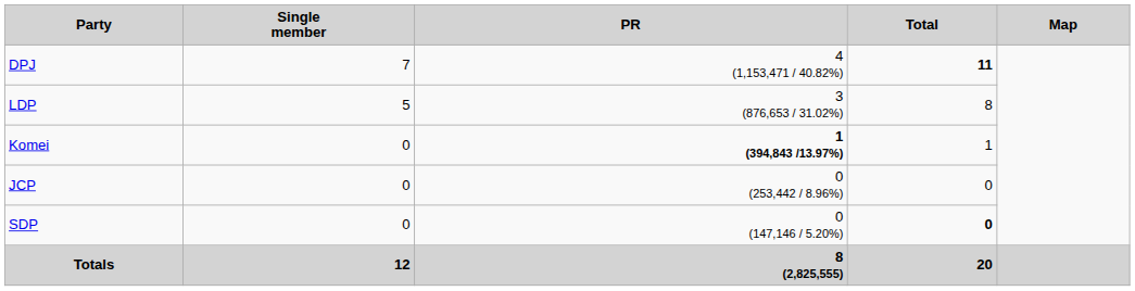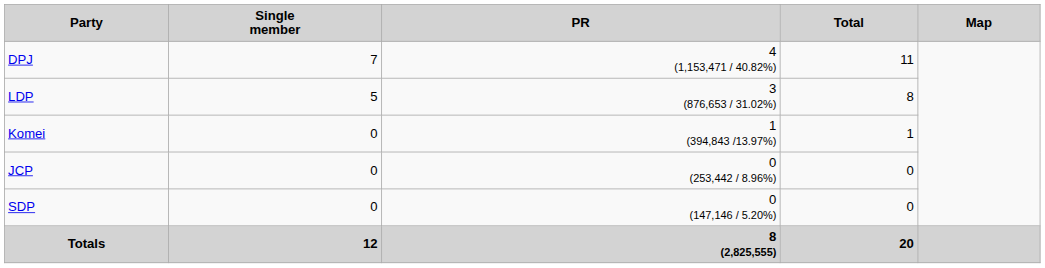 <table border="2" cellpadding="4" cellspacing="0" style="width:100%; margin:1em 1em 1em 0; background:#f9f9f9; border:1px #aaa solid; border-collapse:collapse;">
 <tr style="background:lightgrey;">
 <th>Party</th>
 <th>Single<br>member</th>
 <th>PR</th>
 <th>Total</th>
 <th>Map</th>
 </tr>
 <tr>
 <td><a href='#'>DPJ</a></td>
 <td style="text-align:right;">7</td>
 <td style="text-align:right;">4<br><small>(1,153,471 / 40.82%)</small></td>
-<td style="text-align:right;"><strong>11</strong></td>
+<td style="text-align:right;">11</td>
 <td rowspan=5></td>
 </tr>
 <tr>
 <td><a href='#'>LDP</a></td>
 <td style="text-align:right;">5</td>
 <td style="text-align:right;">3<br><small>(876,653 / 31.02%)</small></td>
 <td style="text-align:right;">8</td>
 </tr>
 <tr>
 <td><a href='#'>Komei</a></td>
 <td style="text-align:right;">0</td>
-<td style="text-align:right;"><strong>1<br><small>(394,843 /13.97%)</small></strong></td>
+<td style="text-align:right;">1<br><small>(394,843 /13.97%)</small></td>
 <td style="text-align:right;">1</td>
 </tr>
 <tr>
 <td><a href='#'>JCP</a></td>
 <td style="text-align:right;">0</td>
 <td style="text-align:right;">0<br><small>(253,442 / 8.96%)</small></td>
 <td style="text-align:right;">0</td>
 </tr>
 <tr>
 <td><a href='#'>SDP</a></td>
 <td style="text-align:right;">0</td>
 <td style="text-align:right;">0<br><small>(147,146 / 5.20%)</small></td>
-<td style="text-align:right;"><strong>0</strong></td>
+<td style="text-align:right;">0</td>
 </tr>
 <tr style="background:lightgrey;">
 <th><strong>Totals</strong></th>
 <th style="text-align:right;">12</th>
 <th style="text-align:right;">8<br><small>(2,825,555)</small></th>
 <th style="text-align:right;">20</th>
 <th></th>
 </tr>
 </table>
